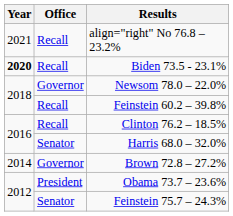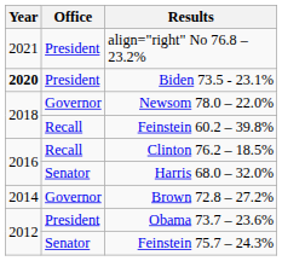 <table class=wikitable>
 <tr>
 <th width="30">Year</th>
 <th width="60">Office</th>
 <th width="180">Results</th>
 </tr>
 <tr>
 <td>2021</td>
-<td><a href='#'>Recall</a></td>
+<td><a href='#'>President</a></td>
 <td>align="right"  No 76.8 – 23.2%</td>
 </tr>
 <tr>
 <td rowspan="1"><strong>2020</strong></td>
-<td><a href='#'>Recall</a></td>
+<td><a href='#'>President</a></td>
 <td align="right" ><a href='#'>Biden</a> 73.5 - 23.1%</td>
 </tr>
 <tr>
 <td rowspan="2">2018</td>
 <td><a href='#'>Governor</a></td>
 <td align="right" ><a href='#'>Newsom</a> 78.0 – 22.0%</td>
 </tr>
 <tr>
 <td><a href='#'>Recall</a></td>
 <td align="right" ><a href='#'>Feinstein</a> 60.2 – 39.8%</td>
 </tr>
 <tr>
 <td rowspan="2">2016</td>
 <td><a href='#'>Recall</a></td>
 <td align="right" ><a href='#'>Clinton</a> 76.2 – 18.5%</td>
 </tr>
 <tr>
 <td><a href='#'>Senator</a></td>
 <td align="right" ><a href='#'>Harris</a> 68.0 – 32.0%</td>
 </tr>
 <tr>
 <td>2014</td>
 <td><a href='#'>Governor</a></td>
 <td align="right" ><a href='#'>Brown</a> 72.8 – 27.2%</td>
 </tr>
 <tr>
 <td rowspan="2">2012</td>
 <td><a href='#'>President</a></td>
 <td align="right" ><a href='#'>Obama</a> 73.7 – 23.6%</td>
 </tr>
 <tr>
 <td><a href='#'>Senator</a></td>
 <td align="right" ><a href='#'>Feinstein</a> 75.7 – 24.3%</td>
 </tr>
 </table>
